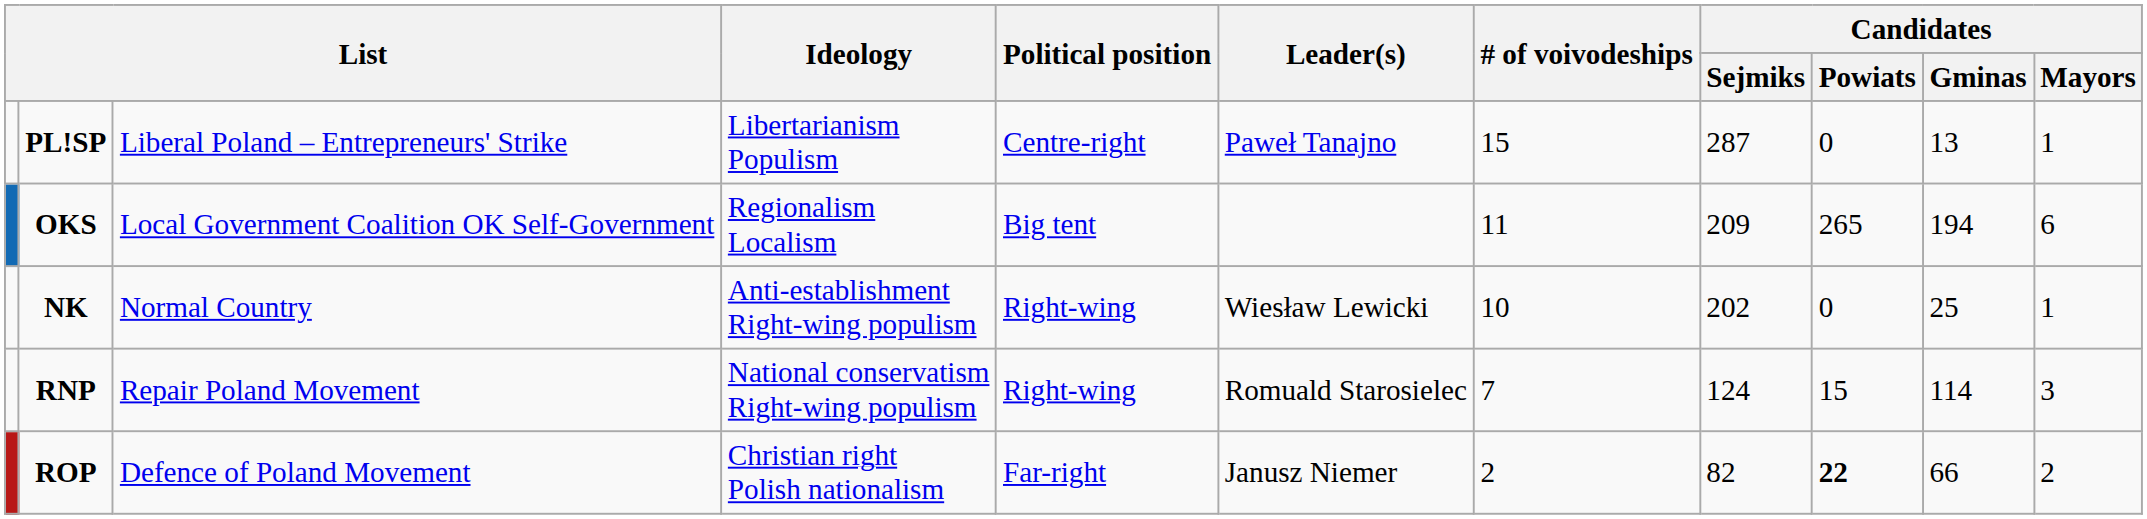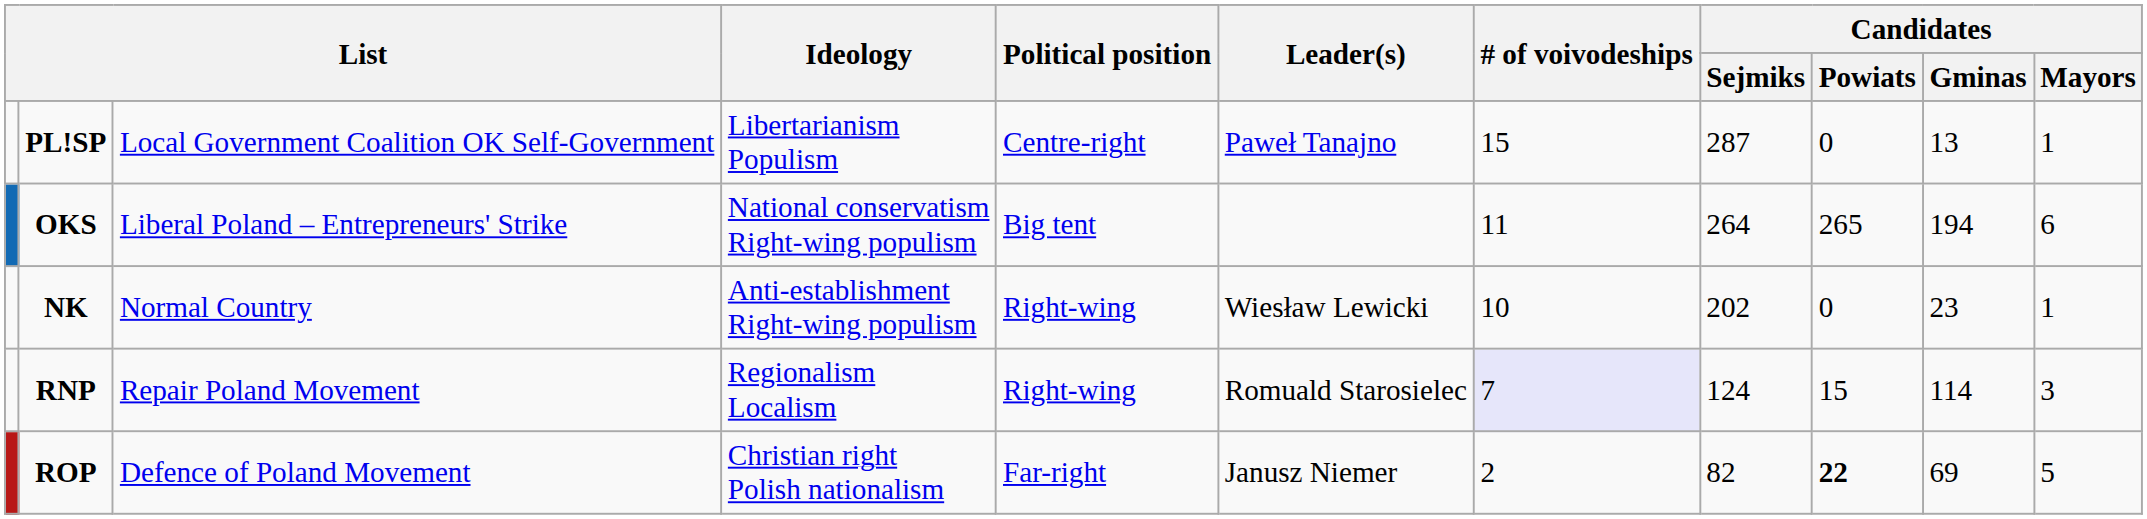 <table class="wikitable sortable" style="font-size:95%;">
 <tr>
 <th colspan="3" rowspan="2">List</th>
 <th rowspan="2">Ideology</th>
 <th rowspan="2">Political position</th>
 <th rowspan="2">Leader(s)</th>
 <th rowspan="2"># of voivodeships</th>
 <th colspan="5">Candidates</th>
 </tr>
 <tr>
 <th>Sejmiks</th>
 <th>Powiats</th>
 <th>Gminas</th>
 <th>Mayors</th>
 </tr>
 <tr>
 <td style="background:"></td>
 <td style="text-align:center;"><strong>PL!SP</strong></td>
-<td><a href='#'>Liberal Poland – Entrepreneurs' Strike</a><br></td>
+<td><a href='#'>Local Government Coalition OK Self-Government</a><br></td>
 <td><a href='#'>Libertarianism</a><br><a href='#'>Populism</a></td>
 <td><a href='#'>Centre-right</a></td>
 <td><a href='#'>Paweł Tanajno</a></td>
 <td>15</td>
 <td>287</td>
 <td>0</td>
 <td>13</td>
 <td>1</td>
 </tr>
 <tr>
 <td style="background:#126AB4;"></td>
 <td style="text-align:center;"><strong>OKS</strong></td>
-<td><a href='#'>Local Government Coalition OK Self-Government</a><br></td>
-<td><a href='#'>Regionalism</a><br><a href='#'>Localism</a></td>
+<td><a href='#'>Liberal Poland – Entrepreneurs' Strike</a><br></td>
+<td><a href='#'>National conservatism</a><br><a href='#'>Right-wing populism</a></td>
 <td><a href='#'>Big tent</a></td>
 <td></td>
 <td>11</td>
-<td>209</td>
+<td>264</td>
 <td>265</td>
 <td>194</td>
 <td>6</td>
 </tr>
 <tr>
 <td style="background:"></td>
 <td style="text-align:center;"><strong>NK</strong></td>
 <td><a href='#'>Normal Country</a><br></td>
 <td><a href='#'>Anti-establishment</a><br><a href='#'>Right-wing populism</a></td>
 <td><a href='#'>Right-wing</a></td>
 <td>Wiesław Lewicki</td>
 <td>10</td>
 <td>202</td>
 <td>0</td>
-<td>25</td>
+<td>23</td>
 <td>1</td>
 </tr>
 <tr>
 <td style="background:"></td>
 <td style="text-align:center;"><strong>RNP</strong></td>
 <td><a href='#'>Repair Poland Movement</a><br></td>
-<td><a href='#'>National conservatism</a><br><a href='#'>Right-wing populism</a></td>
+<td><a href='#'>Regionalism</a><br><a href='#'>Localism</a></td>
 <td><a href='#'>Right-wing</a></td>
 <td>Romuald Starosielec</td>
-<td>7</td>
+<td style="background: lavender;">7</td>
 <td>124</td>
 <td>15</td>
 <td>114</td>
 <td>3</td>
 </tr>
 <tr>
 <td style="background:#B81817;"></td>
 <td style="text-align:center;"><strong>ROP</strong></td>
 <td><a href='#'>Defence of Poland Movement</a><br></td>
 <td><a href='#'>Christian right</a><br><a href='#'>Polish nationalism</a></td>
 <td><a href='#'>Far-right</a></td>
 <td>Janusz Niemer</td>
 <td>2</td>
 <td>82</td>
 <td><strong>22</strong></td>
-<td>66</td>
-<td>2</td>
+<td>69</td>
+<td>5</td>
 </tr>
 </table>
